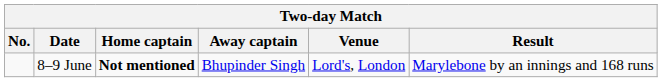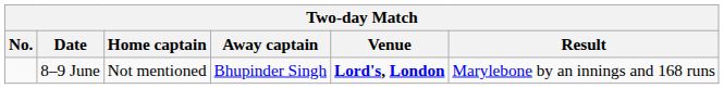 <table class="wikitable">
 <tr>
 <th colspan="9">Two-day Match</th>
 </tr>
 <tr>
 <th>No.</th>
 <th>Date</th>
 <th>Home captain</th>
 <th>Away captain</th>
 <th>Venue</th>
 <th>Result</th>
 </tr>
 <tr>
 <td></td>
 <td>8–9 June</td>
-<td><strong>Not mentioned</strong></td>
+<td>Not mentioned</td>
 <td><a href='#'>Bhupinder Singh</a></td>
-<td><a href='#'>Lord's</a>, <a href='#'>London</a></td>
+<td><strong><a href='#'>Lord's</a>, <a href='#'>London</a></strong></td>
 <td><a href='#'>Marylebone</a> by an innings and 168 runs</td>
 </tr>
 </table>
